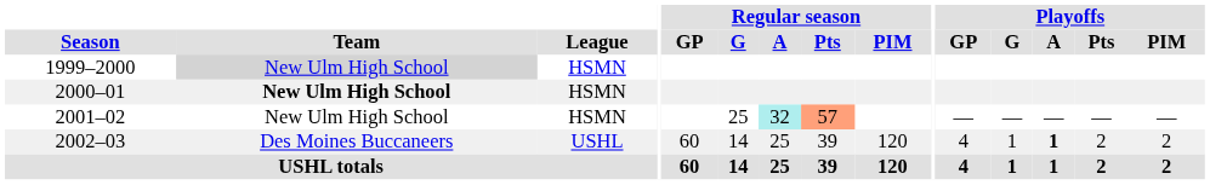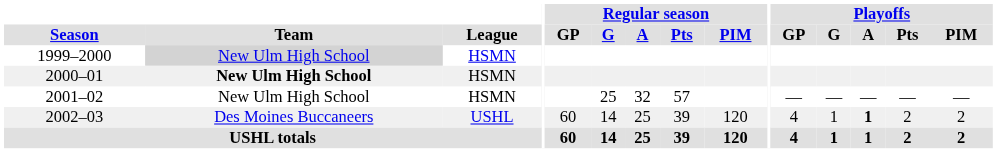 <table border="0" cellpadding="1" cellspacing="0" style="text-align:center; width:60em">
 <tr bgcolor="#e0e0e0">
 <th colspan="3" bgcolor="#ffffff"></th>
 <th rowspan="99" bgcolor="#ffffff"></th>
 <th colspan="5"><a href='#'>Regular season</a></th>
 <th rowspan="99" bgcolor="#ffffff"></th>
 <th colspan="5"><a href='#'>Playoffs</a></th>
 </tr>
 <tr bgcolor="#e0e0e0">
 <th><a href='#'>Season</a></th>
 <th>Team</th>
 <th>League</th>
 <th>GP</th>
 <th><a href='#'>G</a></th>
 <th><a href='#'>A</a></th>
 <th><a href='#'>Pts</a></th>
 <th><a href='#'>PIM</a></th>
 <th>GP</th>
 <th>G</th>
 <th>A</th>
 <th>Pts</th>
 <th>PIM</th>
 </tr>
 <tr>
 <td>1999–2000</td>
 <td style="background: lightgrey;"><a href='#'>New Ulm High School</a></td>
 <td><a href='#'>HSMN</a></td>
 <td></td>
 <td></td>
 <td></td>
 <td></td>
 <td></td>
 <td></td>
 <td></td>
 <td></td>
 <td></td>
 <td></td>
 </tr>
 <tr bgcolor="#f0f0f0">
 <td>2000–01</td>
 <td><strong>New Ulm High School</strong></td>
 <td>HSMN</td>
 <td></td>
 <td></td>
 <td></td>
 <td></td>
 <td></td>
 <td></td>
 <td></td>
 <td></td>
 <td></td>
 <td></td>
 </tr>
 <tr>
 <td>2001–02</td>
 <td>New Ulm High School</td>
 <td>HSMN</td>
 <td></td>
 <td>25</td>
-<td style="background: paleturquoise;">32</td>
-<td style="background: lightsalmon;">57</td>
+<td>32</td>
+<td>57</td>
 <td></td>
 <td>—</td>
 <td>—</td>
 <td>—</td>
 <td>—</td>
 <td>—</td>
 </tr>
 <tr bgcolor="#f0f0f0">
 <td>2002–03</td>
 <td><a href='#'>Des Moines Buccaneers</a></td>
 <td><a href='#'>USHL</a></td>
 <td>60</td>
 <td>14</td>
 <td>25</td>
 <td>39</td>
 <td>120</td>
 <td>4</td>
 <td>1</td>
 <td><strong>1</strong></td>
 <td>2</td>
 <td>2</td>
 </tr>
 <tr bgcolor="#e0e0e0">
 <th colspan="3">USHL totals</th>
 <th>60</th>
 <th>14</th>
 <th>25</th>
 <th>39</th>
 <th>120</th>
 <th>4</th>
 <th>1</th>
 <th>1</th>
 <th>2</th>
 <th>2</th>
 </tr>
 </table>
